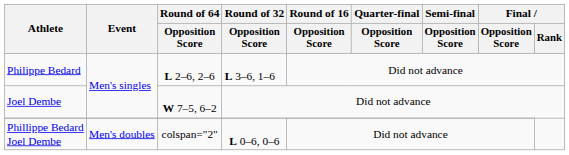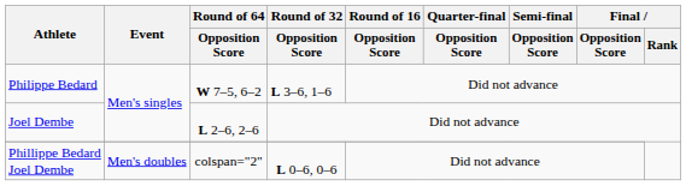 <table class=wikitable style="font-size:90%">
 <tr>
 <th rowspan="2">Athlete</th>
 <th rowspan="2">Event</th>
 <th>Round of 64</th>
 <th>Round of 32</th>
 <th>Round of 16</th>
 <th>Quarter-final</th>
 <th>Semi-final</th>
 <th colspan=2>Final / </th>
 </tr>
 <tr style="font-size:95%">
 <th>Opposition<br>Score</th>
 <th>Opposition<br>Score</th>
 <th>Opposition<br>Score</th>
 <th>Opposition<br>Score</th>
 <th>Opposition<br>Score</th>
 <th>Opposition<br>Score</th>
 <th>Rank</th>
 </tr>
 <tr>
 <td><a href='#'>Philippe Bedard</a></td>
 <td rowspan=2><a href='#'>Men's singles</a></td>
-<td align=center><br><strong>L</strong> 2–6, 2–6</td>
+<td align=center><br><strong>W</strong> 7–5, 6–2</td>
 <td><br><strong>L</strong> 3–6, 1–6</td>
 <td colspan="5" align=center>Did not advance</td>
 </tr>
 <tr>
 <td><a href='#'>Joel Dembe</a></td>
-<td align=center><br><strong>W</strong> 7–5, 6–2</td>
+<td align=center><br><strong>L</strong> 2–6, 2–6</td>
 <td colspan="6" align=center>Did not advance</td>
 </tr>
 <tr>
 </tr>
 <tr align=center>
 <td align=left><a href='#'>Phillippe Bedard</a><br><a href='#'>Joel Dembe</a></td>
 <td align=left><a href='#'>Men's doubles</a></td>
 <td>colspan="2" </td>
 <td align=center><br><strong>L</strong> 0–6, 0–6</td>
 <td colspan="4" align=center>Did not advance</td>
 </tr>
 </table>
